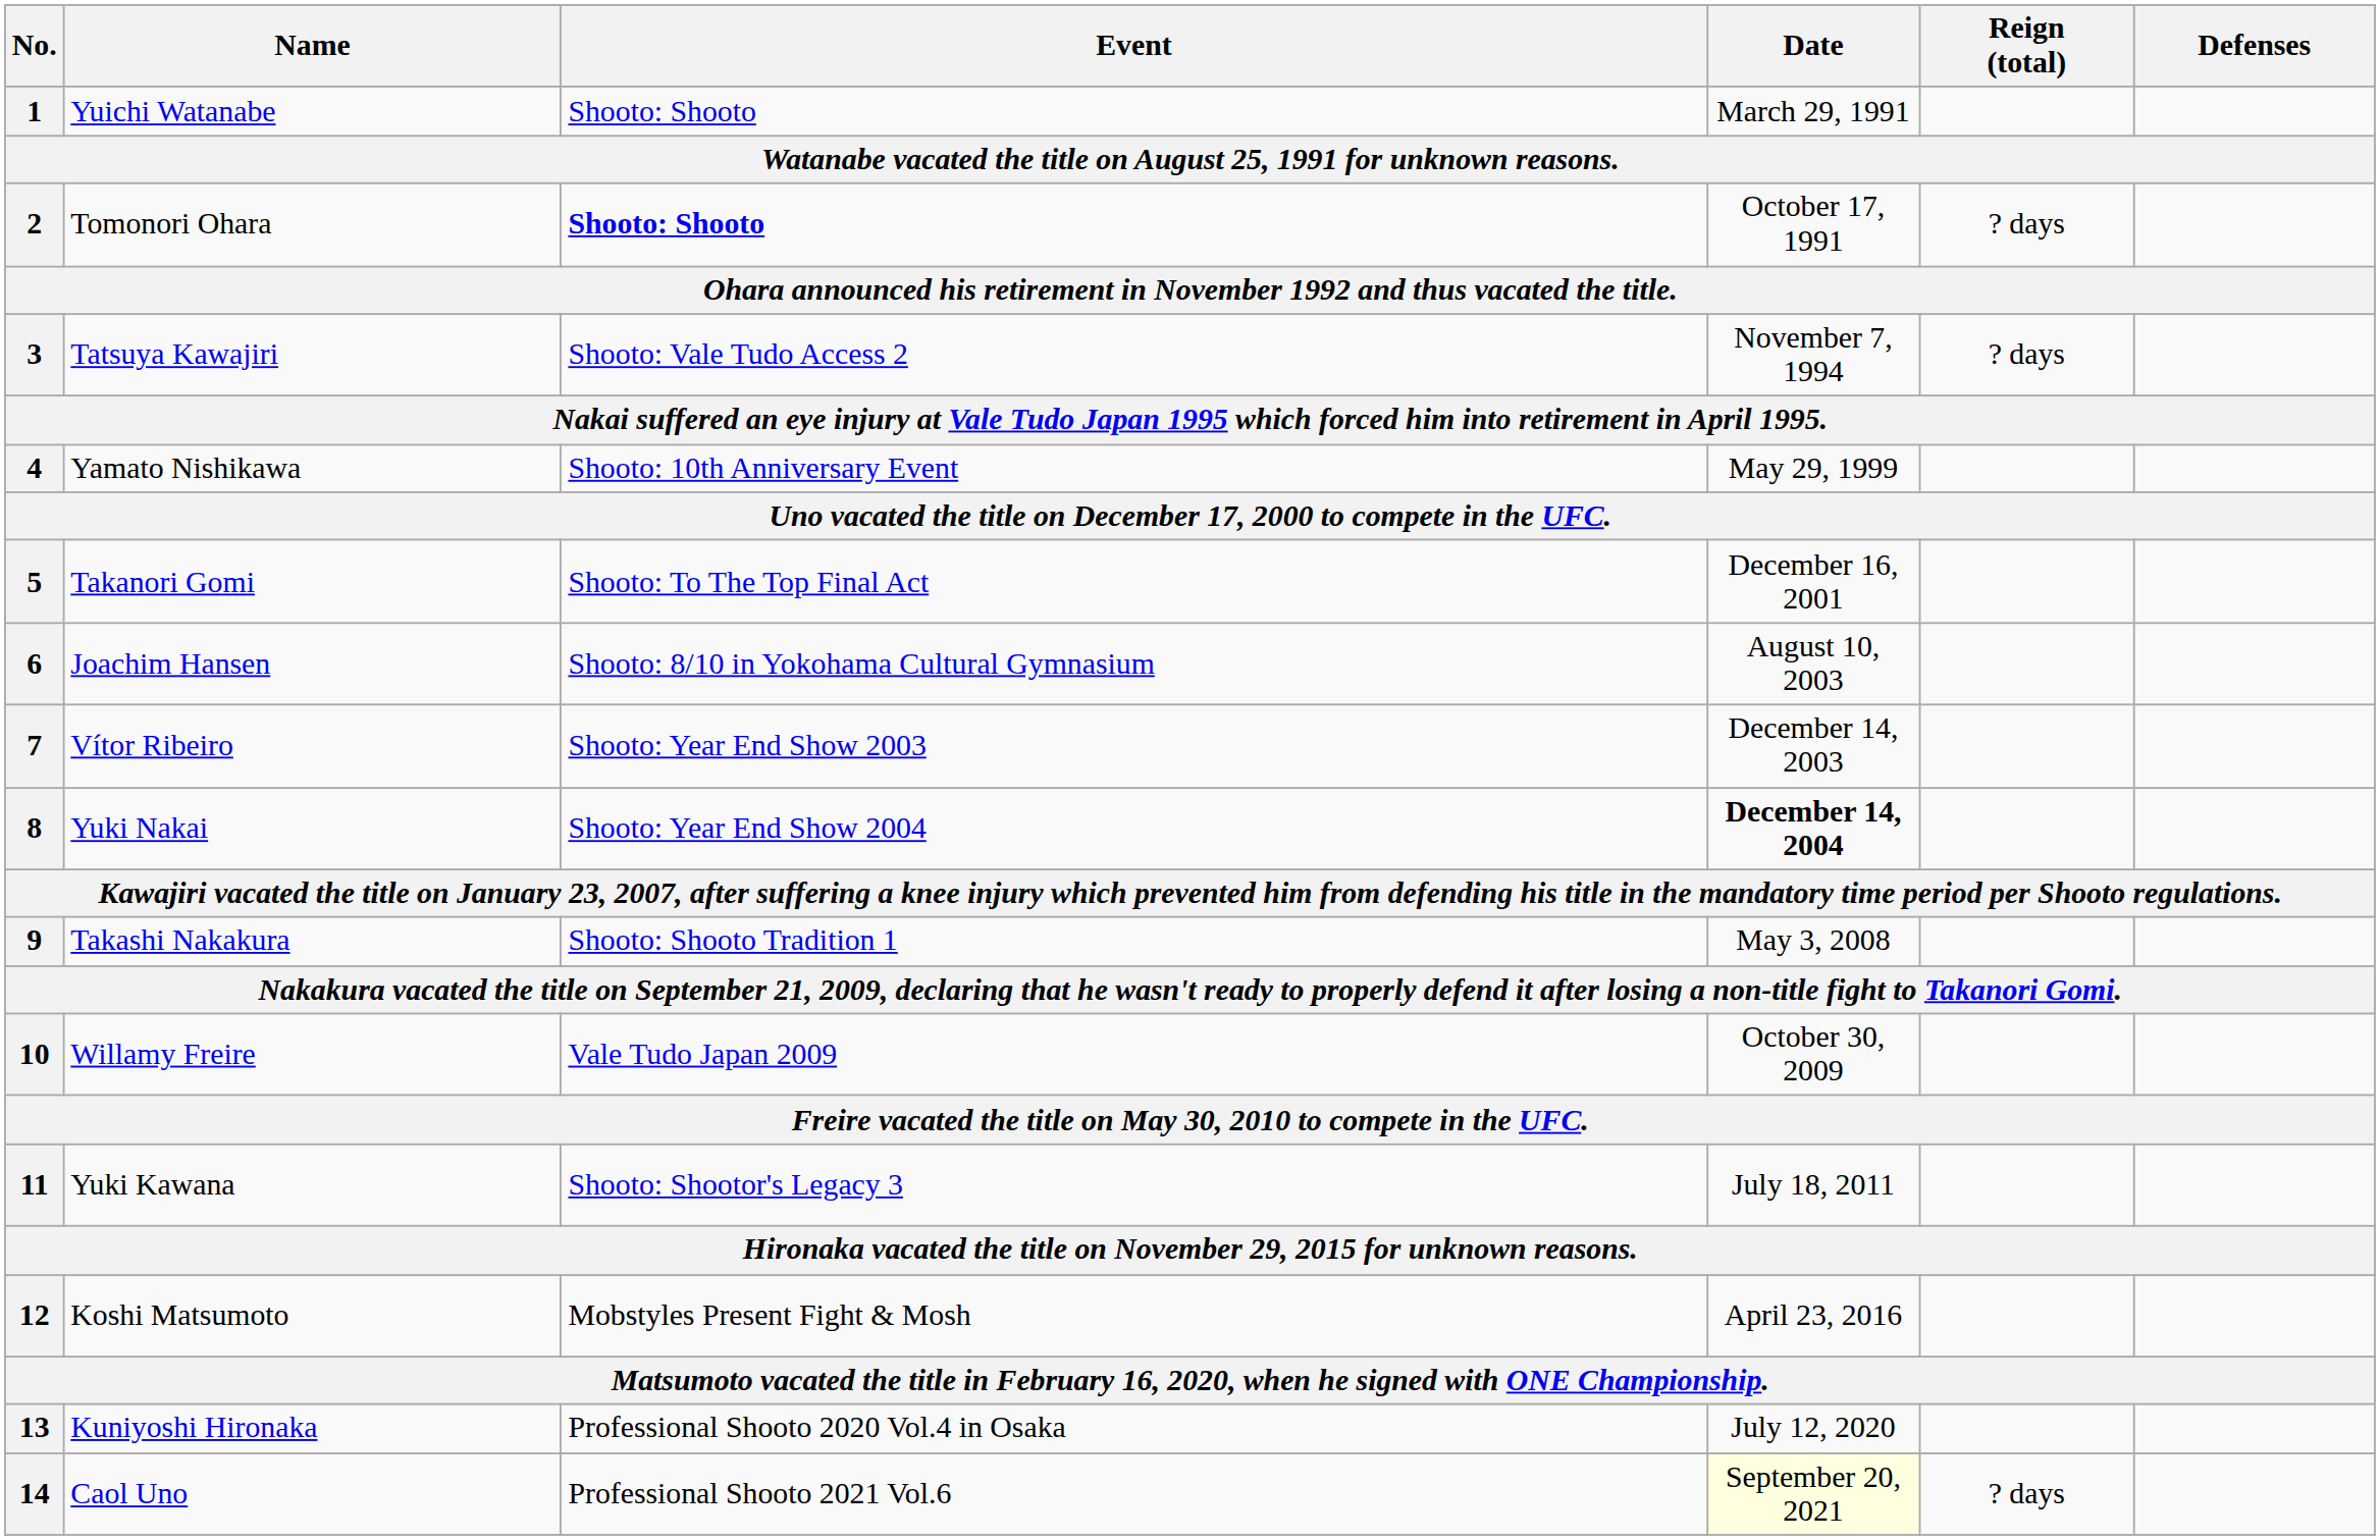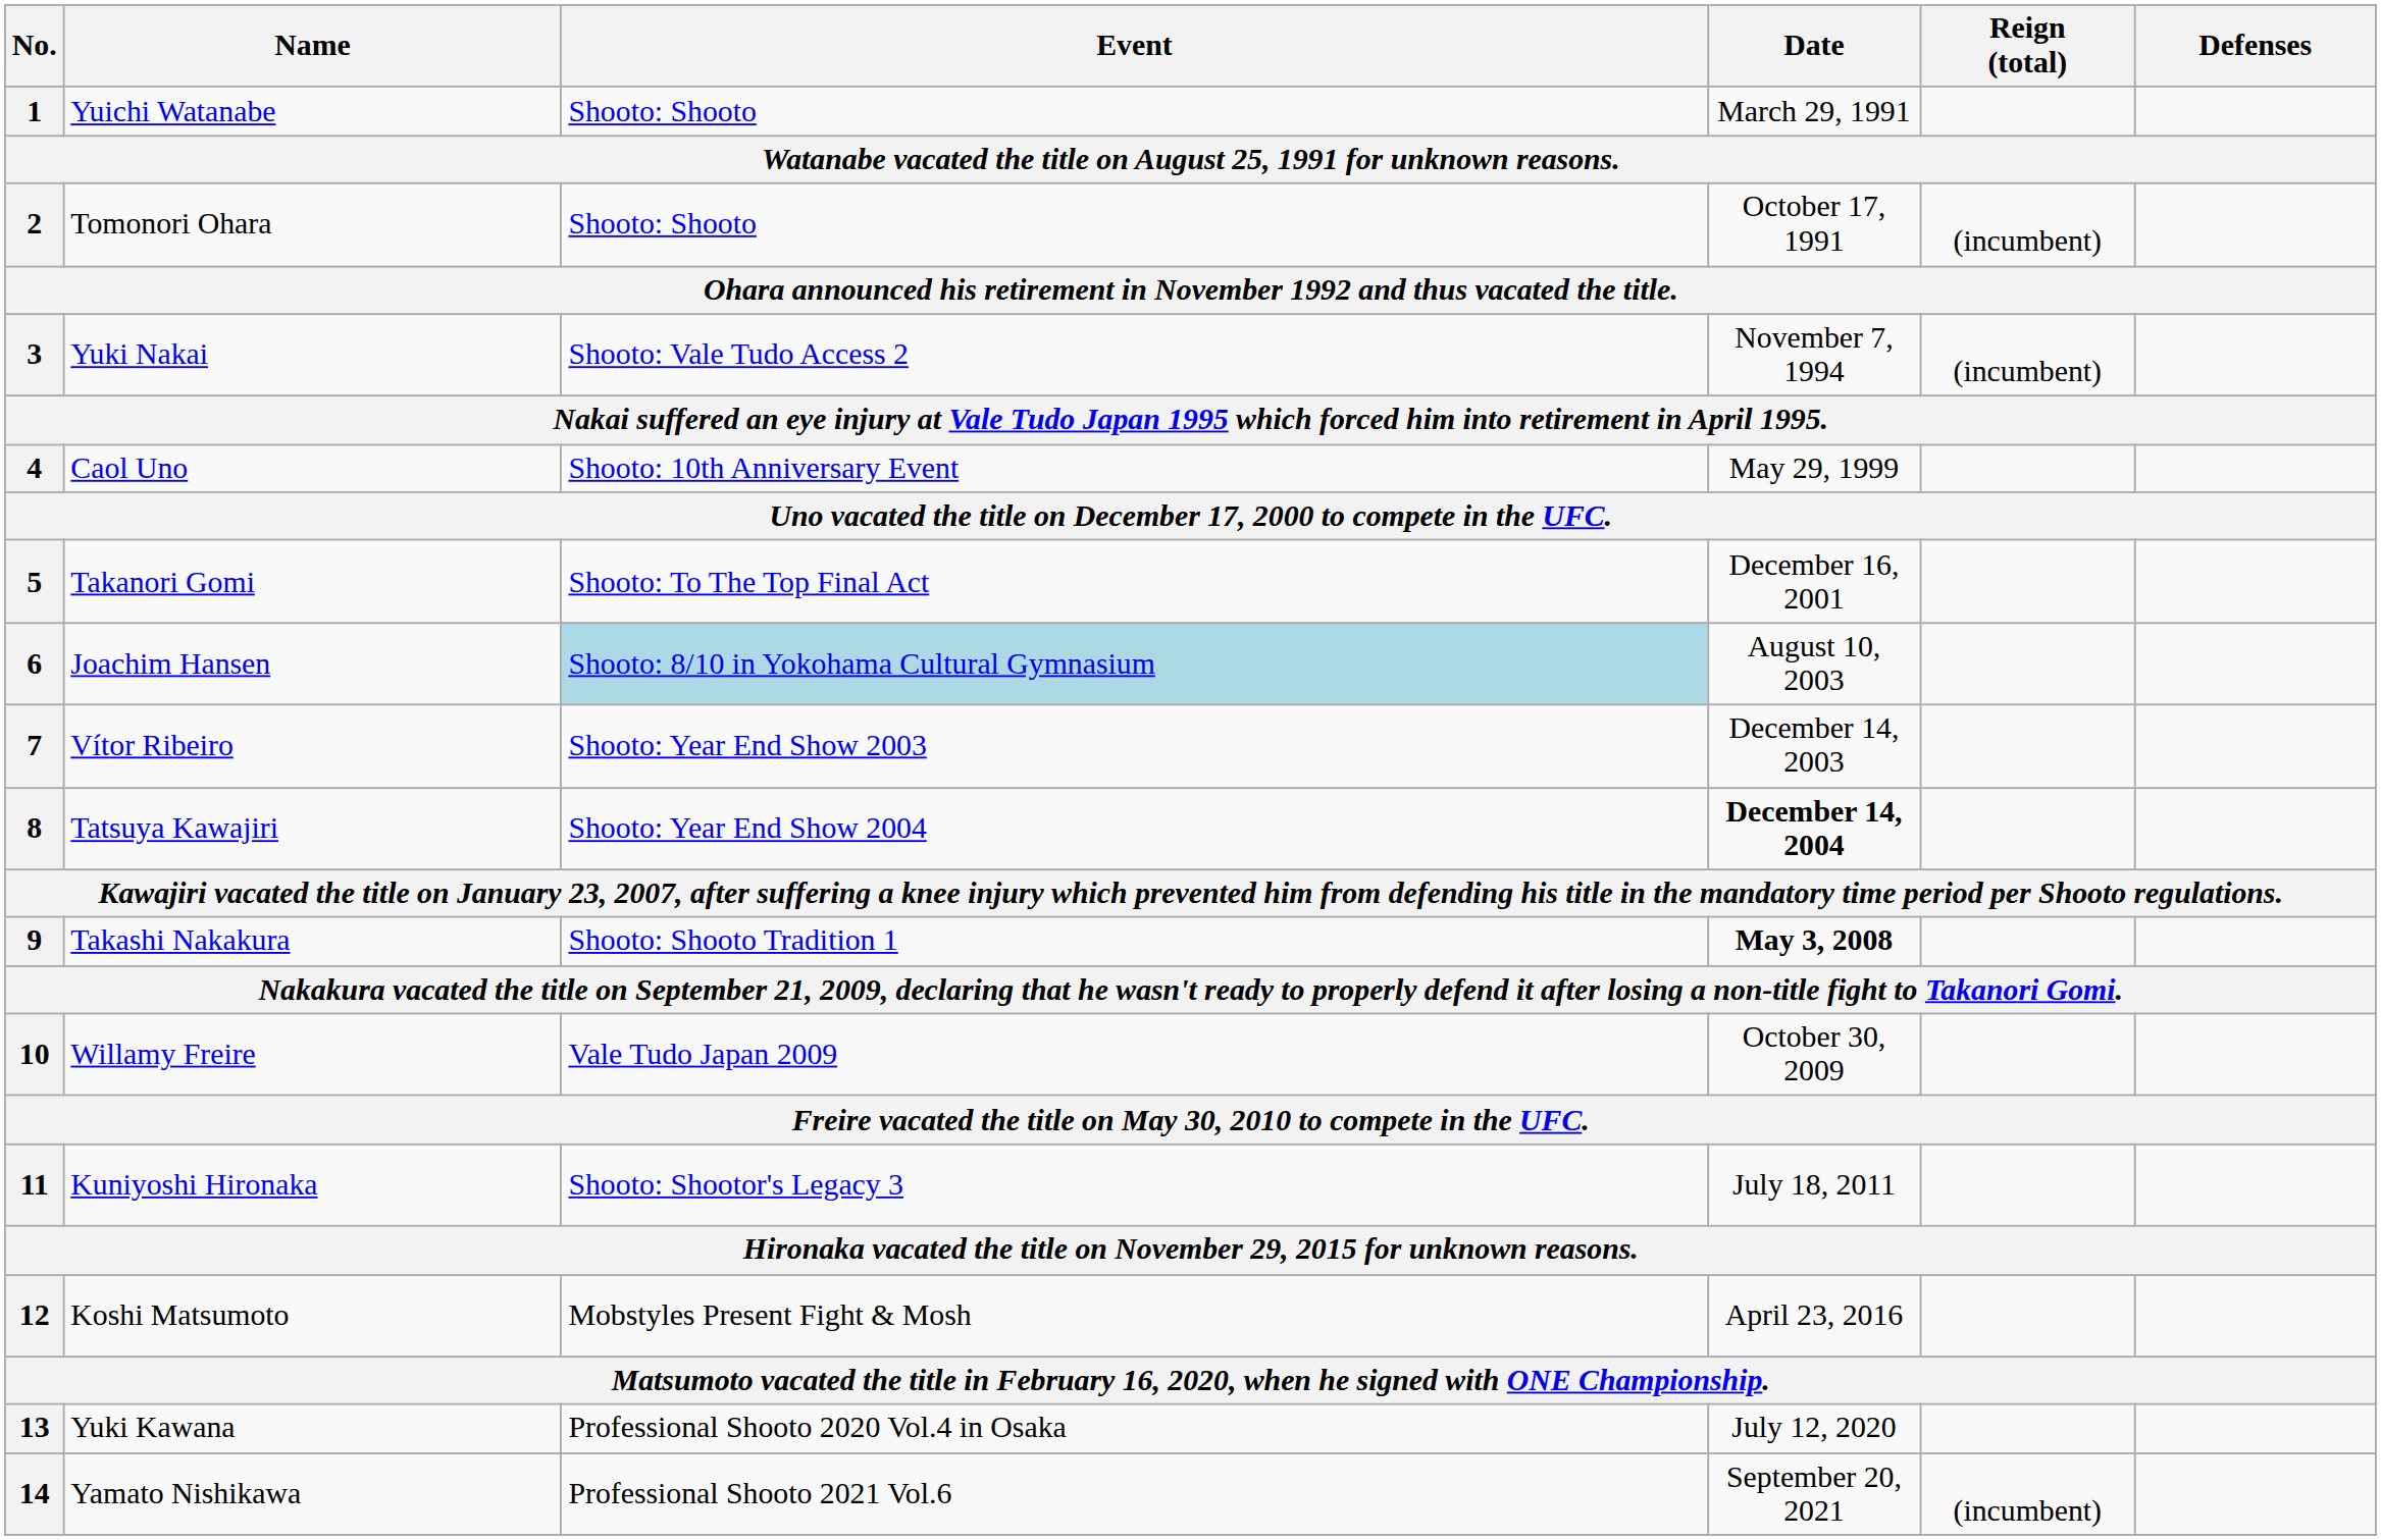 <table class="wikitable" style="width:99%;">
 <tr>
 <th style="width:2%;">No.</th>
 <th>Name</th>
 <th>Event</th>
 <th style="width:9%;">Date</th>
 <th style="width:9%;">Reign<br>(total)</th>
 <th>Defenses</th>
 </tr>
 <tr>
 <th>1</th>
 <td> <a href='#'>Yuichi Watanabe</a><br></td>
 <td><a href='#'>Shooto: Shooto</a><br></td>
 <td align=center>March 29, 1991</td>
 <td align=center></td>
 <td></td>
 </tr>
 <tr>
 <th colspan=6 align=center><em>Watanabe vacated the title on August 25, 1991 for unknown reasons.</em></th>
 </tr>
 <tr>
 <th>2</th>
 <td> Tomonori Ohara<br></td>
-<td><strong><a href='#'>Shooto: Shooto</a><br></strong></td>
+<td><a href='#'>Shooto: Shooto</a><br></td>
 <td align=center>October 17, 1991</td>
-<td align=center>? days</td>
+<td align=center><br>(incumbent)</td>
 <td><br></td>
 </tr>
 <tr>
 <th colspan=6 align=center><em>Ohara announced his retirement in November 1992 and thus vacated the title.</em></th>
 </tr>
 <tr>
 <th>3</th>
-<td> <a href='#'>Tatsuya Kawajiri</a></td>
+<td> <a href='#'>Yuki Nakai</a><br></td>
 <td><a href='#'>Shooto: Vale Tudo Access 2</a><br></td>
 <td align=center>November 7, 1994</td>
-<td align=center>? days</td>
+<td align=center><br>(incumbent)</td>
 <td></td>
 </tr>
 <tr>
 <th colspan=6 align=center><em>Nakai suffered an eye injury at <a href='#'>Vale Tudo Japan 1995</a> which forced him into retirement in April 1995.</em></th>
 </tr>
 <tr>
 <th>4</th>
-<td> Yamato Nishikawa <br></td>
+<td> <a href='#'>Caol Uno</a><br></td>
 <td><a href='#'>Shooto: 10th Anniversary Event</a><br></td>
 <td align=center>May 29, 1999</td>
 <td align=center></td>
 <td><br></td>
 </tr>
 <tr>
 <th colspan=6 align=center><em>Uno vacated the title on December 17, 2000 to compete in the <a href='#'>UFC</a>.</em></th>
 </tr>
 <tr>
 <th>5</th>
 <td> <a href='#'>Takanori Gomi</a><br></td>
 <td><a href='#'>Shooto: To The Top Final Act</a><br></td>
 <td align=center>December 16, 2001</td>
 <td align=center></td>
 <td><br></td>
 </tr>
 <tr>
 <th>6</th>
 <td> <a href='#'>Joachim Hansen</a></td>
-<td><a href='#'>Shooto: 8/10 in Yokohama Cultural Gymnasium</a><br></td>
+<td style="background: lightblue;"><a href='#'>Shooto: 8/10 in Yokohama Cultural Gymnasium</a><br></td>
 <td align=center>August 10, 2003</td>
 <td align=center></td>
 <td></td>
 </tr>
 <tr>
 <th>7</th>
 <td> <a href='#'>Vítor Ribeiro</a></td>
 <td><a href='#'>Shooto: Year End Show 2003</a><br></td>
 <td align=center>December 14, 2003</td>
 <td align=center></td>
 <td></td>
 </tr>
 <tr>
 <th>8</th>
-<td> <a href='#'>Yuki Nakai</a><br></td>
+<td> <a href='#'>Tatsuya Kawajiri</a></td>
 <td><a href='#'>Shooto: Year End Show 2004</a><br></td>
 <td align=center><strong>December 14, 2004</strong></td>
 <td align=center></td>
 <td><br></td>
 </tr>
 <tr>
 <th colspan=6 align=center><em>Kawajiri vacated the title on January 23, 2007, after suffering a knee injury which prevented him from defending his title in the mandatory time period per Shooto regulations.</em></th>
 </tr>
 <tr>
 <th>9</th>
 <td> <a href='#'>Takashi Nakakura</a><br></td>
 <td><a href='#'>Shooto: Shooto Tradition 1</a><br></td>
-<td align=center>May 3, 2008</td>
+<td align=center><strong>May 3, 2008</strong></td>
 <td align=center></td>
 <td></td>
 </tr>
 <tr>
 <th colspan=6 align=center><em>Nakakura vacated the title on September 21, 2009, declaring that he wasn't ready to properly defend it after losing a non-title fight to <a href='#'>Takanori Gomi</a>.</em></th>
 </tr>
 <tr>
 <th>10</th>
 <td> <a href='#'>Willamy Freire</a><br></td>
 <td><a href='#'>Vale Tudo Japan 2009</a><br></td>
 <td align=center>October 30, 2009</td>
 <td align=center></td>
 <td><br></td>
 </tr>
 <tr>
 <th colspan=6 align=center><em>Freire vacated the title on May 30, 2010 to compete in the <a href='#'>UFC</a>.</em></th>
 </tr>
 <tr>
 <th>11</th>
-<td> Yuki Kawana <br></td>
+<td> <a href='#'>Kuniyoshi Hironaka</a><br></td>
 <td><a href='#'>Shooto: Shootor's Legacy 3</a><br></td>
 <td align=center>July 18, 2011</td>
 <td align=center></td>
 <td><br><br> </td>
 </tr>
 <tr>
 <th colspan=6 align=center><em>Hironaka vacated the title on November 29, 2015 for unknown reasons.</em></th>
 </tr>
 <tr>
 <th>12</th>
 <td> Koshi Matsumoto<br></td>
 <td>Mobstyles Present Fight & Mosh<br></td>
 <td align=center>April 23, 2016</td>
 <td align=center></td>
 <td><br><br> </td>
 </tr>
 <tr>
 <th colspan=6 align=center><em>Matsumoto vacated the title in February 16, 2020, when he signed with <a href='#'>ONE Championship</a>.</em></th>
 </tr>
 <tr>
 <th>13</th>
-<td> <a href='#'>Kuniyoshi Hironaka</a><br></td>
+<td> Yuki Kawana <br></td>
 <td>Professional Shooto 2020 Vol.4 in Osaka<br></td>
 <td align=center>July 12, 2020</td>
 <td align=center></td>
 <td></td>
 </tr>
 <tr>
 <th>14</th>
-<td> <a href='#'>Caol Uno</a><br></td>
+<td> Yamato Nishikawa <br></td>
 <td>Professional Shooto 2021 Vol.6<br></td>
-<td align=center style="background: lightyellow;">September 20, 2021</td>
-<td align=center>? days</td>
+<td align=center>September 20, 2021</td>
+<td align=center><br>(incumbent)</td>
 <td></td>
 </tr>
 </table>
